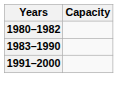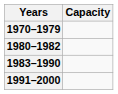 <table class="wikitable">
 <tr>
 <th scope="row">Years</th>
 <th scope="row">Capacity</th>
+</tr>
+<tr>
+<th scope="row">1970–1979</th>
+<td></td>
 </tr>
 <tr>
 <th scope="row">1980–1982</th>
 <td></td>
 </tr>
 <tr>
 <th scope="row">1983–1990</th>
 <td></td>
 </tr>
 <tr>
 <th scope="row">1991–2000</th>
 <td></td>
 </tr>
 </table>
